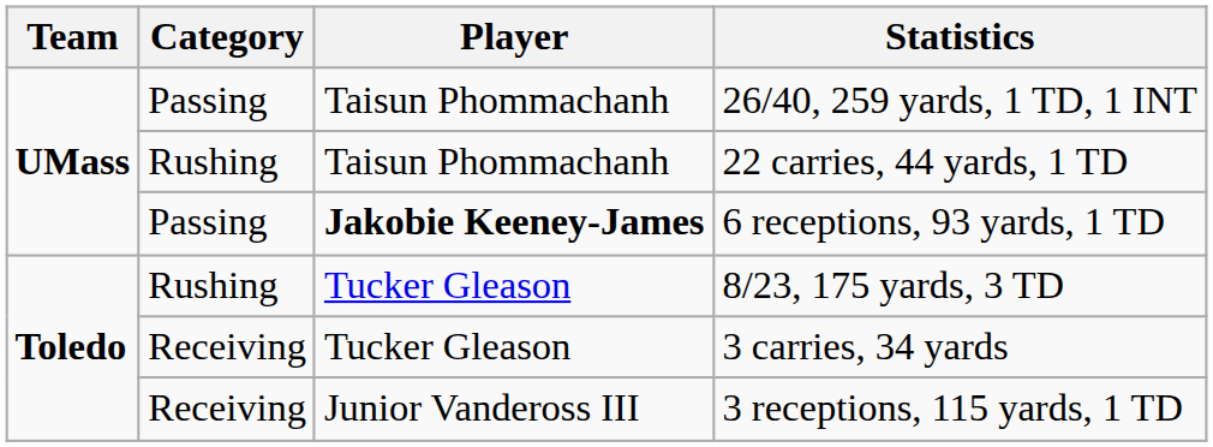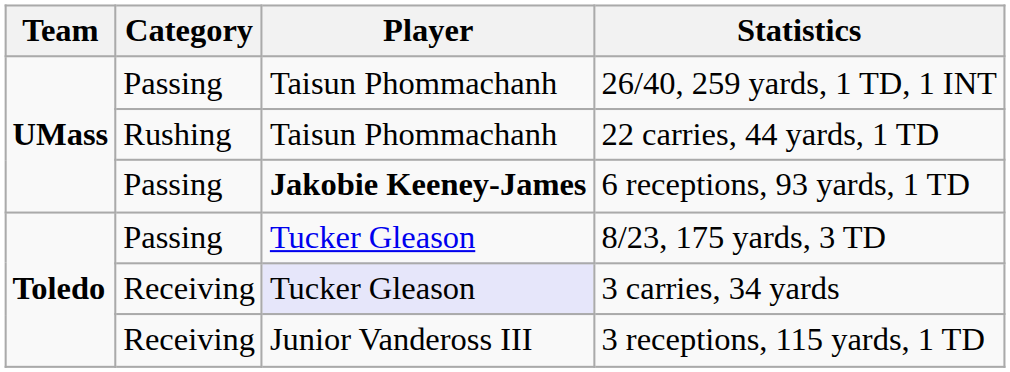 <table class="wikitable" style="float: right;">
 <tr>
 <th>Team</th>
 <th>Category</th>
 <th>Player</th>
 <th>Statistics</th>
 </tr>
 <tr>
 <td rowspan=3><strong>UMass</strong></td>
 <td>Passing</td>
 <td>Taisun Phommachanh</td>
 <td>26/40, 259 yards, 1 TD, 1 INT</td>
 </tr>
 <tr>
 <td>Rushing</td>
 <td>Taisun Phommachanh</td>
 <td>22 carries, 44 yards, 1 TD</td>
 </tr>
 <tr>
 <td>Passing</td>
 <td><strong>Jakobie Keeney-James</strong></td>
 <td>6 receptions, 93 yards, 1 TD</td>
 </tr>
 <tr>
 <td rowspan=3><strong>Toledo</strong></td>
-<td>Rushing</td>
+<td>Passing</td>
 <td><a href='#'>Tucker Gleason</a></td>
 <td>8/23, 175 yards, 3 TD</td>
 </tr>
 <tr>
 <td>Receiving</td>
-<td>Tucker Gleason</td>
+<td style="background: lavender;">Tucker Gleason</td>
 <td>3 carries, 34 yards</td>
 </tr>
 <tr>
 <td>Receiving</td>
 <td>Junior Vandeross III</td>
 <td>3 receptions, 115 yards, 1 TD</td>
 </tr>
 </table>
